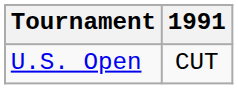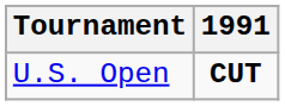 <table class="wikitable" style="font-size:95%;text-align:center;">
 <tr>
 <th>Tournament</th>
 <th>1991</th>
 </tr>
 <tr>
 <td align=left><a href='#'>U.S. Open</a></td>
-<td>CUT</td>
+<td><strong>CUT</strong></td>
 </tr>
 </table>
